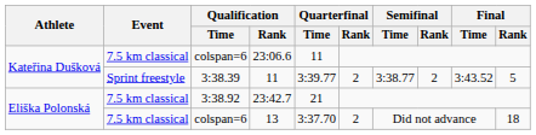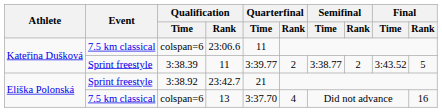 <table class="wikitable" style="font-size:90%">
 <tr>
 <th rowspan="2">Athlete</th>
 <th rowspan="2">Event</th>
 <th colspan="2">Qualification</th>
 <th colspan="2">Quarterfinal</th>
 <th colspan="2">Semifinal</th>
 <th colspan="2">Final</th>
 </tr>
 <tr style="font-size:95%">
 <th>Time</th>
 <th>Rank</th>
 <th>Time</th>
 <th>Rank</th>
 <th>Time</th>
 <th>Rank</th>
 <th>Time</th>
 <th>Rank</th>
 </tr>
 <tr align=center>
 <td align=left rowspan=2><a href='#'>Kateřina Dušková</a></td>
 <td align=left><a href='#'>7.5 km classical</a></td>
 <td>colspan=6</td>
 <td>23:06.6</td>
 <td>11</td>
 </tr>
 <tr align=center>
 <td align=left><a href='#'>Sprint freestyle</a></td>
 <td>3:38.39</td>
 <td>11</td>
 <td>3:39.77</td>
 <td>2</td>
 <td>3:38.77</td>
 <td>2</td>
 <td>3:43.52</td>
 <td>5</td>
 </tr>
 <tr align=center>
 <td align=left rowspan=2><a href='#'>Eliška Polonská</a></td>
-<td align=left><a href='#'>7.5 km classical</a></td>
+<td align=left><a href='#'>Sprint freestyle</a></td>
 <td>3:38.92</td>
 <td>23:42.7</td>
 <td>21</td>
 </tr>
 <tr align=center>
 <td align=left><a href='#'>7.5 km classical</a></td>
 <td>colspan=6</td>
 <td>13</td>
 <td>3:37.70</td>
-<td>2</td>
+<td>4</td>
 <td colspan="3">Did not advance</td>
-<td>18</td>
+<td>16</td>
 </tr>
 </table>
